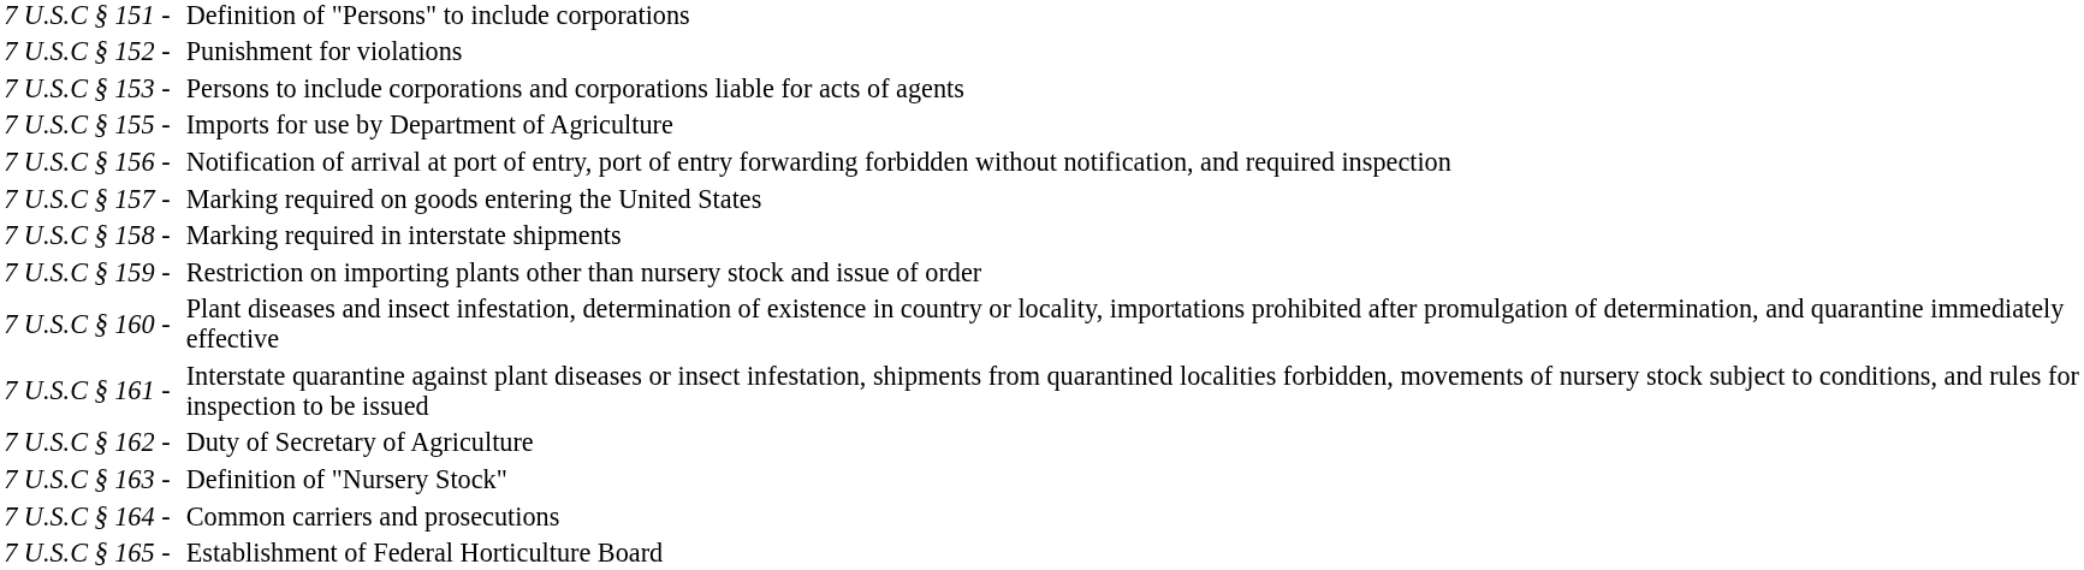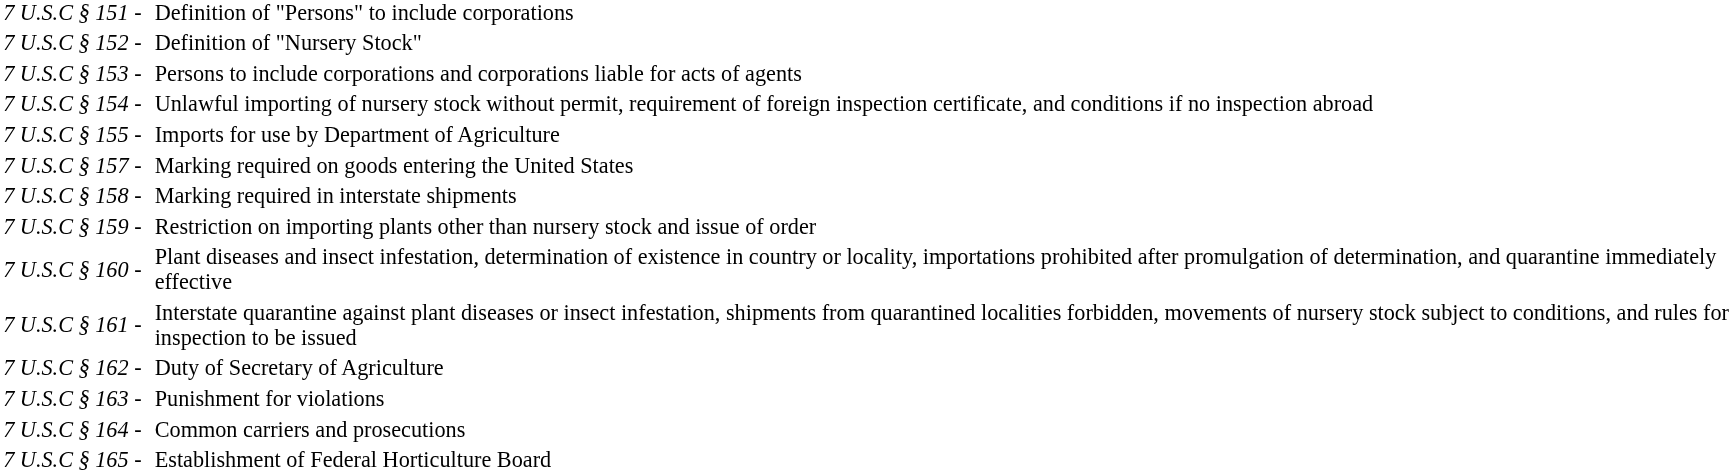 <table>
 <tr>
 <td style="width: 105px"><em>7 U.S.C § 151 -</em></td>
 <td>Definition of "Persons" to include corporations</td>
 </tr>
 <tr>
 <td style="width: 105px"><em>7 U.S.C § 152 -</em></td>
-<td>Punishment for violations</td>
+<td>Definition of "Nursery Stock"</td>
 </tr>
 <tr>
 <td style="width: 105px"><em>7 U.S.C § 153 -</em></td>
 <td>Persons to include corporations and corporations liable for acts of agents</td>
 </tr>
 <tr>
+<td style="width: 105px"><em>7 U.S.C § 154 -</em></td>
+<td>Unlawful importing of nursery stock without permit, requirement of foreign inspection certificate, and conditions if no inspection abroad</td>
+</tr>
+<tr>
 <td style="width: 105px"><em>7 U.S.C § 155 -</em></td>
 <td>Imports for use by Department of Agriculture</td>
-</tr>
-<tr>
-<td style="width: 105px"><em>7 U.S.C § 156 -</em></td>
-<td>Notification of arrival at port of entry, port of entry forwarding forbidden without notification, and required inspection</td>
 </tr>
 <tr>
 <td style="width: 105px"><em>7 U.S.C § 157 -</em></td>
 <td>Marking required on goods entering the United States</td>
 </tr>
 <tr>
 <td style="width: 105px"><em>7 U.S.C § 158 -</em></td>
 <td>Marking required in interstate shipments</td>
 </tr>
 <tr>
 <td style="width: 105px"><em>7 U.S.C § 159 -</em></td>
 <td>Restriction on importing plants other than nursery stock and issue of order</td>
 </tr>
 <tr>
 <td style="width: 105px"><em>7 U.S.C § 160 -</em></td>
 <td>Plant diseases and insect infestation, determination of existence in country or locality, importations prohibited after promulgation of determination, and quarantine immediately effective</td>
 </tr>
 <tr>
 <td style="width: 105px"><em>7 U.S.C § 161 -</em></td>
 <td>Interstate quarantine against plant diseases or insect infestation, shipments from quarantined localities forbidden, movements of nursery stock subject to conditions, and rules for inspection to be issued</td>
 </tr>
 <tr>
 <td style="width: 105px"><em>7 U.S.C § 162 -</em></td>
 <td>Duty of Secretary of Agriculture</td>
 </tr>
 <tr>
 <td style="width: 105px"><em>7 U.S.C § 163 -</em></td>
-<td>Definition of "Nursery Stock"</td>
+<td>Punishment for violations</td>
 </tr>
 <tr>
 <td style="width: 105px"><em>7 U.S.C § 164 -</em></td>
 <td>Common carriers and prosecutions</td>
 </tr>
 <tr>
 <td style="width: 105px"><em>7 U.S.C § 165 -</em></td>
 <td>Establishment of Federal Horticulture Board</td>
 </tr>
 </table>
